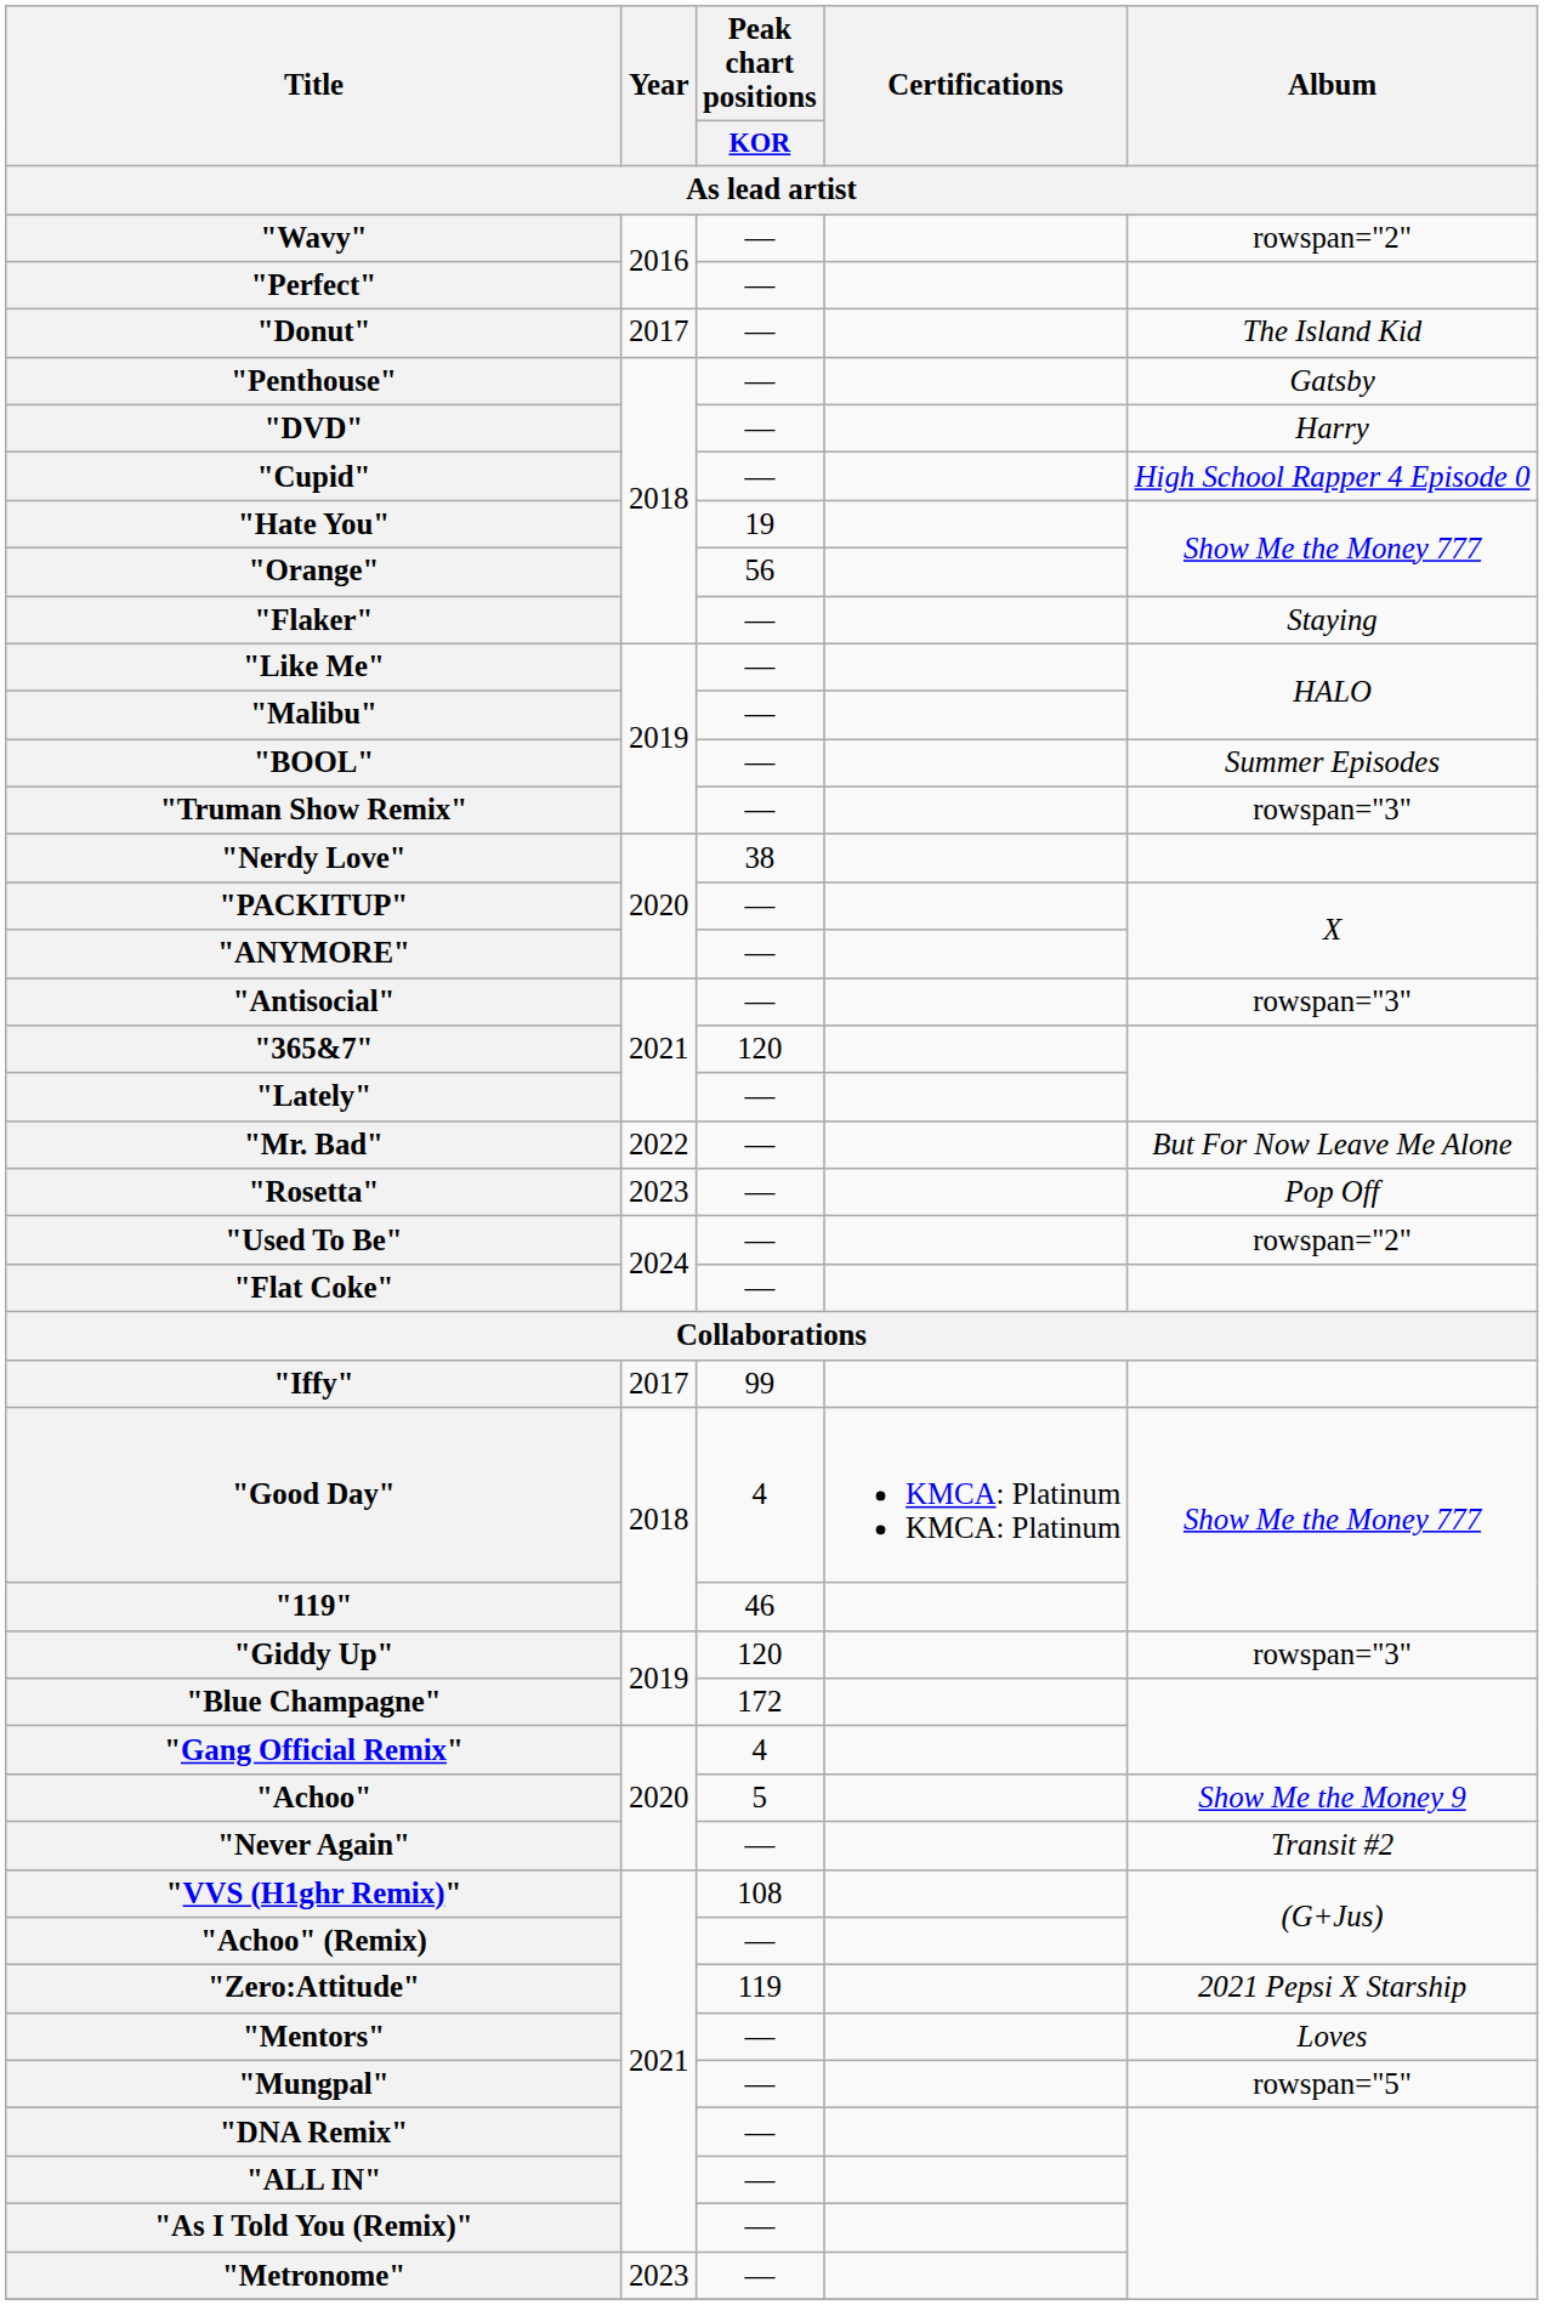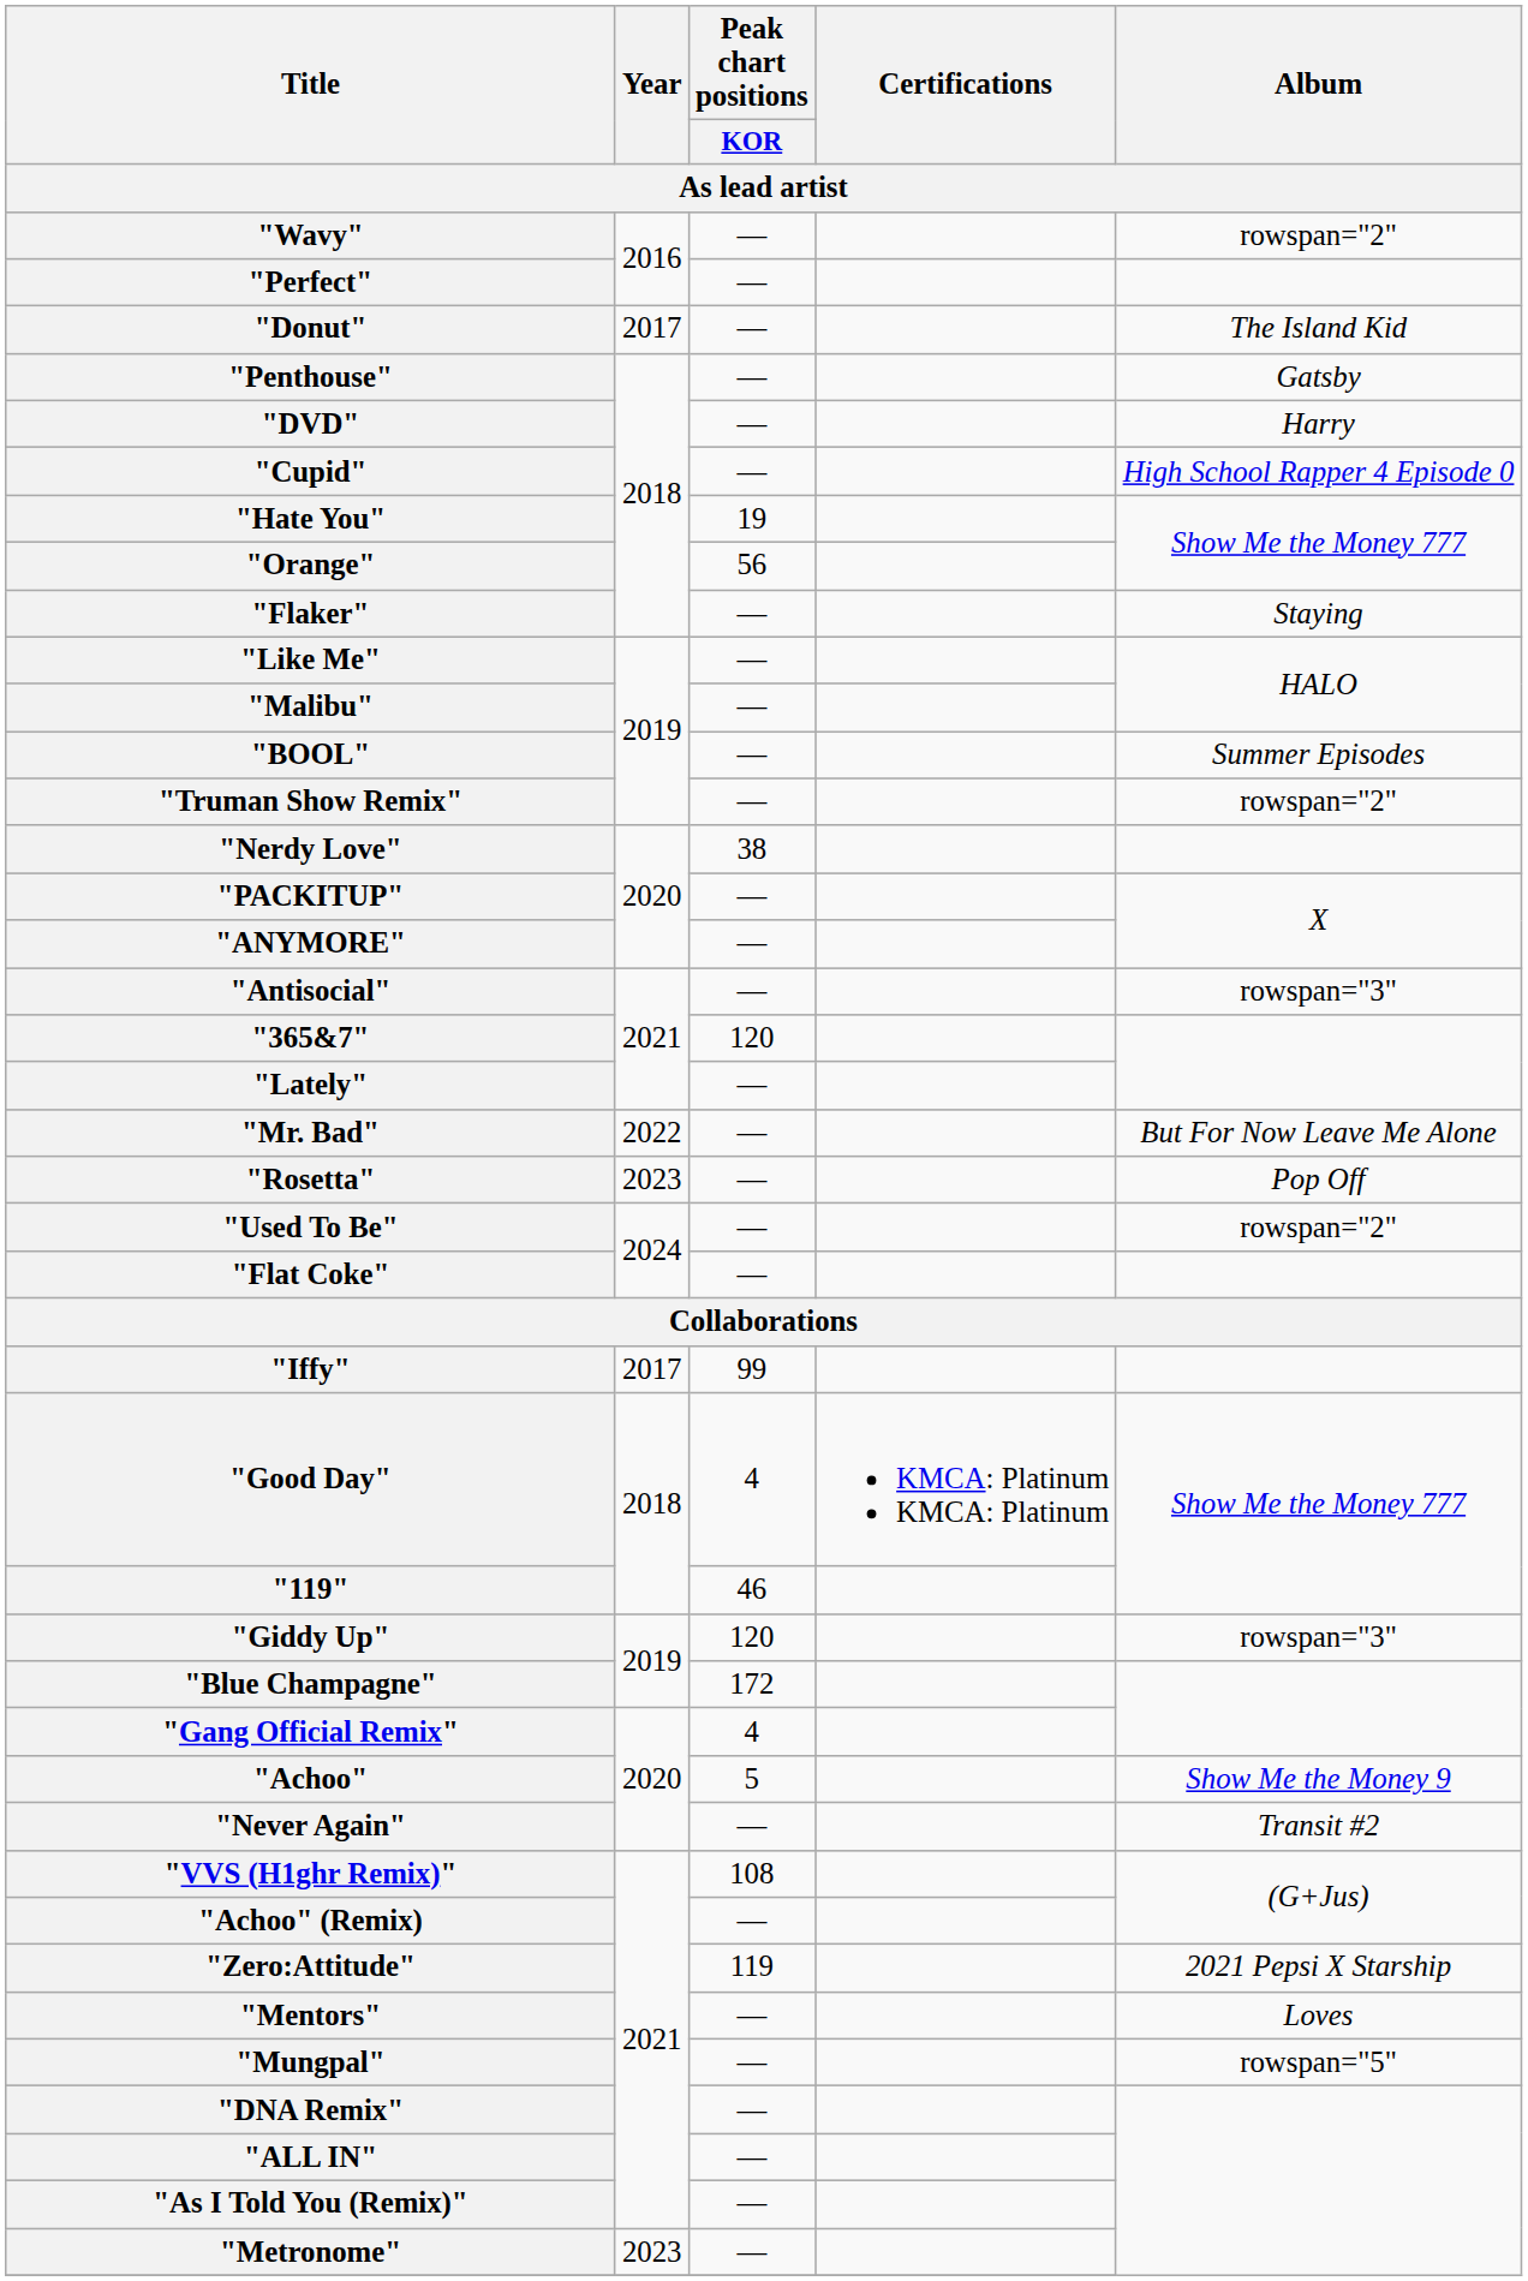 <table class="wikitable plainrowheaders" style="text-align:center;">
 <tr>
 <th scope="col" rowspan="2" style="width:20em;">Title</th>
 <th scope="col" rowspan="2">Year</th>
 <th scope="col" colspan="1">Peak chart positions</th>
 <th rowspan="2">Certifications</th>
 <th scope="col" rowspan="2">Album</th>
 </tr>
 <tr>
 <th scope="col" style="width:2.2em;font-size:90%;"><a href='#'>KOR</a><br></th>
 </tr>
 <tr>
 <th scope="col" colspan="5">As lead artist</th>
 </tr>
 <tr>
 <th scope="row">"Wavy"</th>
 <td rowspan="2">2016</td>
 <td>—</td>
 <td></td>
 <td>rowspan="2" </td>
 </tr>
 <tr>
 <th scope="row">"Perfect"</th>
 <td>—</td>
 <td></td>
 </tr>
 <tr>
 <th scope="row">"Donut" </th>
 <td>2017</td>
 <td>—</td>
 <td></td>
 <td><em>The Island Kid</em></td>
 </tr>
 <tr>
 <th scope="row">"Penthouse" </th>
 <td rowspan="6">2018</td>
 <td>—</td>
 <td></td>
 <td><em>Gatsby</em> </td>
 </tr>
 <tr>
 <th scope="row">"DVD"</th>
 <td>—</td>
 <td></td>
 <td><em>Harry</em> </td>
 </tr>
 <tr>
 <th scope="row">"Cupid" </th>
 <td>—</td>
 <td></td>
 <td><em><a href='#'>High School Rapper 4 Episode 0</a></em></td>
 </tr>
 <tr>
 <th scope="row">"Hate You" </th>
 <td>19</td>
 <td></td>
 <td rowspan="2"><em><a href='#'>Show Me the Money 777</a></em></td>
 </tr>
 <tr>
 <th scope="row">"Orange"  </th>
 <td>56</td>
 <td></td>
 </tr>
 <tr>
 <th scope="row">"Flaker" </th>
 <td>—</td>
 <td></td>
 <td><em>Staying</em> </td>
 </tr>
 <tr>
 <th scope="row">"Like Me"</th>
 <td rowspan="4">2019</td>
 <td>—</td>
 <td></td>
 <td rowspan="2"><em>HALO</em></td>
 </tr>
 <tr>
 <th scope="row">"Malibu" </th>
 <td>—</td>
 <td></td>
 </tr>
 <tr>
 <th scope="row">"BOOL" </th>
 <td>—</td>
 <td></td>
 <td><em>Summer Episodes</em> </td>
 </tr>
 <tr>
 <th scope="row">"Truman Show Remix" </th>
 <td>—</td>
 <td></td>
-<td>rowspan="3" </td>
+<td>rowspan="2" </td>
 </tr>
 <tr>
 <th scope="row">"Nerdy Love" </th>
 <td rowspan="3">2020</td>
 <td>38</td>
 <td></td>
 </tr>
 <tr>
 <th scope="row">"PACKITUP"</th>
 <td>—</td>
 <td></td>
 <td rowspan="2"><em>X</em></td>
 </tr>
 <tr>
 <th scope="row">"ANYMORE" </th>
 <td>—</td>
 <td></td>
 </tr>
 <tr>
 <th scope="row">"Antisocial"</th>
 <td rowspan="3">2021</td>
 <td>—</td>
 <td></td>
 <td>rowspan="3" </td>
 </tr>
 <tr>
 <th scope="row">"365&7" </th>
 <td>120</td>
 <td></td>
 </tr>
 <tr>
 <th scope="row">"Lately" </th>
 <td>—</td>
 <td></td>
 </tr>
 <tr>
 <th scope="row">"Mr. Bad" </th>
 <td>2022</td>
 <td>—</td>
 <td></td>
 <td><em>But For Now Leave Me Alone</em></td>
 </tr>
 <tr>
 <th scope="row">"Rosetta" </th>
 <td>2023</td>
 <td>—</td>
 <td></td>
 <td><em>Pop Off</em></td>
 </tr>
 <tr>
 <th scope="row">"Used To Be"</th>
 <td rowspan="2">2024</td>
 <td>—</td>
 <td></td>
 <td>rowspan="2" </td>
 </tr>
 <tr>
 <th scope="row">"Flat Coke" </th>
 <td>—</td>
 <td></td>
 </tr>
 <tr>
 <th scope="col" colspan="5">Collaborations</th>
 </tr>
 <tr>
 <th scope="row">"Iffy" </th>
 <td>2017</td>
 <td>99</td>
 <td></td>
 <td></td>
 </tr>
 <tr>
 <th scope="row">"Good Day" </th>
 <td rowspan="2">2018</td>
 <td>4</td>
 <td><br><ul><li><a href='#'>KMCA</a>: Platinum </li><li>KMCA: Platinum </li></ul></td>
 <td rowspan="2"><em><a href='#'>Show Me the Money 777</a></em></td>
 </tr>
 <tr>
 <th scope="row">"119" </th>
 <td>46</td>
 <td></td>
 </tr>
 <tr>
 <th scope="row">"Giddy Up" </th>
 <td rowspan="2">2019</td>
 <td>120</td>
 <td></td>
 <td>rowspan="3" </td>
 </tr>
 <tr>
 <th scope="row">"Blue Champagne" </th>
 <td>172</td>
 <td></td>
 </tr>
 <tr>
 <th scope="row">"<a href='#'>Gang Official Remix</a>"  </th>
 <td rowspan="3">2020</td>
 <td>4</td>
 <td></td>
 </tr>
 <tr>
 <th scope="row">"Achoo" </th>
 <td>5</td>
 <td></td>
 <td><em><a href='#'>Show Me the Money 9</a></em></td>
 </tr>
 <tr>
 <th scope="row">"Never Again" </th>
 <td>—</td>
 <td></td>
 <td><em>Transit #2</em></td>
 </tr>
 <tr>
 <th scope="row">"<a href='#'>VVS (H1ghr Remix)</a>" </th>
 <td rowspan="8">2021</td>
 <td>108</td>
 <td></td>
 <td rowspan="2"><em>(G+Jus)</em></td>
 </tr>
 <tr>
 <th scope="row">"Achoo" (Remix) </th>
 <td>—</td>
 <td></td>
 </tr>
 <tr>
 <th scope="row">"Zero:Attitude" </th>
 <td>119</td>
 <td></td>
 <td><em>2021 Pepsi X Starship</em></td>
 </tr>
 <tr>
 <th scope="row">"Mentors"  </th>
 <td>—</td>
 <td></td>
 <td><em>Loves</em> </td>
 </tr>
 <tr>
 <th scope="row">"Mungpal"  </th>
 <td>—</td>
 <td></td>
 <td>rowspan="5" </td>
 </tr>
 <tr>
 <th scope="row">"DNA Remix" </th>
 <td>—</td>
 <td></td>
 </tr>
 <tr>
 <th scope="row">"ALL IN" </th>
 <td>—</td>
 <td></td>
 </tr>
 <tr>
 <th scope="row">"As I Told You (Remix)"  </th>
 <td>—</td>
 <td></td>
 </tr>
 <tr>
 <th scope="row">"Metronome" </th>
 <td>2023</td>
 <td>—</td>
 <td></td>
 </tr>
 <tr>
 </tr>
 </table>
